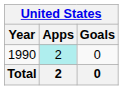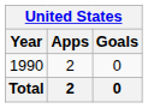 <table class="wikitable" style="text-align:center">
 <tr>
 <th colspan=3><a href='#'>United States</a></th>
 </tr>
 <tr>
 <th>Year</th>
 <th>Apps</th>
 <th>Goals</th>
 </tr>
 <tr>
 <td>1990</td>
-<td style="background: paleturquoise;">2</td>
+<td>2</td>
 <td>0</td>
 </tr>
 <tr>
 <th>Total</th>
 <th>2</th>
 <th>0</th>
 </tr>
 </table>
